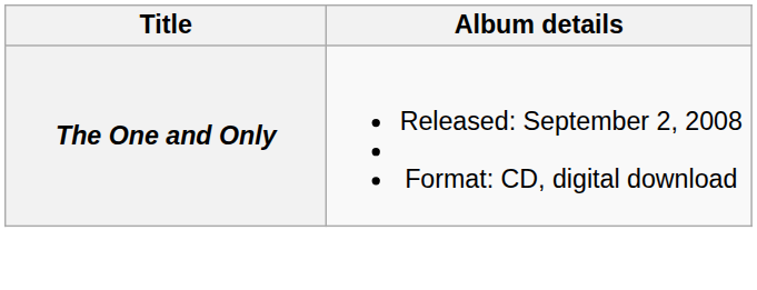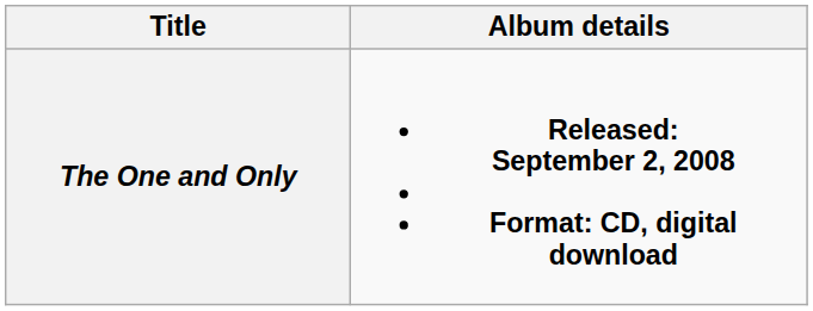 <table class="wikitable plainrowheaders" style="text-align:center;">
 <tr>
 <th scope="col" style="width:12em;">Title</th>
 <th scope="col" style="width:16em;">Album details</th>
 </tr>
 <tr>
 <th scope="row"><em>The One and Only</em></th>
-<td><br><ul><li>Released: September 2, 2008</li><li></li><li>Format: CD, digital download</li></ul></td>
+<td><strong><br><ul><li>Released: September 2, 2008</li><li></li><li>Format: CD, digital download</li></ul></strong></td>
 </tr>
 </table>
